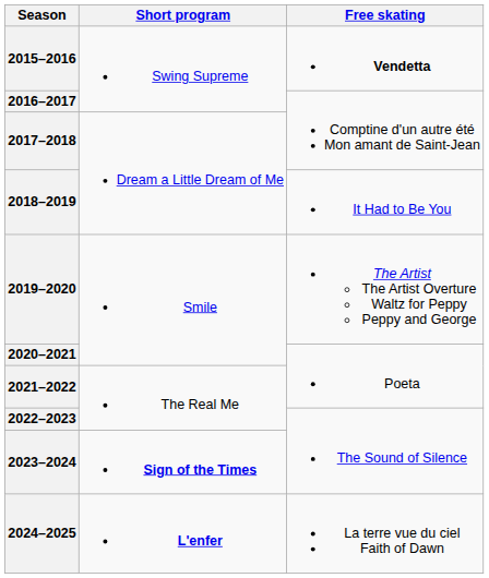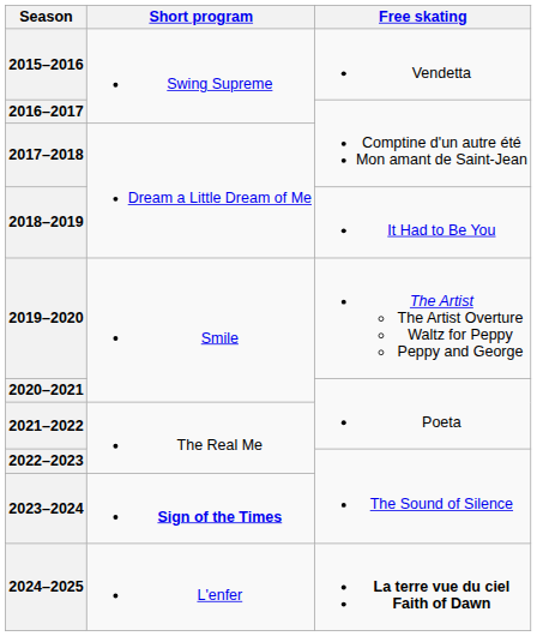 <table class=wikitable style=text-align:center>
 <tr>
 <th>Season</th>
 <th><a href='#'>Short program</a></th>
 <th><a href='#'>Free skating</a></th>
 </tr>
 <tr>
 <th>2015–2016 <br> </th>
 <td rowspan=2><br><ul><li><a href='#'>Swing Supreme</a> <br> </li></ul></td>
-<td><strong><br><ul><li>Vendetta <br> </li></ul></strong></td>
+<td><br><ul><li>Vendetta <br> </li></ul></td>
 </tr>
 <tr>
 <th>2016–2017 <br> </th>
 <td rowspan=2><br><ul><li>Comptine d'un autre été <br> </li><li>Mon amant de Saint-Jean <br> </li></ul></td>
 </tr>
 <tr>
 <th>2017–2018 <br> </th>
 <td rowspan=2><br><ul><li><a href='#'>Dream a Little Dream of Me</a> <br> </li></ul></td>
 </tr>
 <tr>
 <th>2018–2019 <br> </th>
 <td><br><ul><li><a href='#'>It Had to Be You</a> <br> </li></ul></td>
 </tr>
 <tr>
 <th>2019–2020 <br> </th>
 <td rowspan=2><br><ul><li><a href='#'>Smile</a> <br> </li></ul></td>
 <td><br><ul><li><em><a href='#'>The Artist</a></em><ul><li>The Artist Overture</li><li>Waltz for Peppy</li><li>Peppy and George <br> </li></ul></li></ul></td>
 </tr>
 <tr>
 <th>2020–2021 <br> </th>
 <td rowspan=2><br><ul><li>Poeta <br> </li></ul></td>
 </tr>
 <tr>
 <th>2021–2022 <br> </th>
 <td rowspan=2><br><ul><li>The Real Me <br> </li></ul></td>
 </tr>
 <tr>
 <th>2022–2023 <br> </th>
 <td rowspan=2><br><ul><li><a href='#'>The Sound of Silence</a> <br> </li></ul></td>
 </tr>
 <tr>
 <th>2023–2024 <br> </th>
 <td><strong><br><ul><li><a href='#'>Sign of the Times</a> <br> </li></ul></strong></td>
 </tr>
 <tr>
 <th>2024–2025 <br> </th>
-<td><strong><br><ul><li><a href='#'>L'enfer</a> <br></li></ul></strong></td>
-<td><br><ul><li>La terre vue du ciel <br> </li><li>Faith of Dawn <br> </li></ul></td>
+<td><br><ul><li><a href='#'>L'enfer</a> <br></li></ul></td>
+<td><strong><br><ul><li>La terre vue du ciel <br> </li><li>Faith of Dawn <br> </li></ul></strong></td>
 </tr>
 </table>
